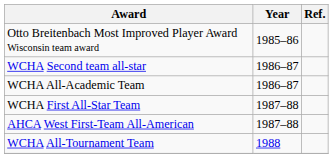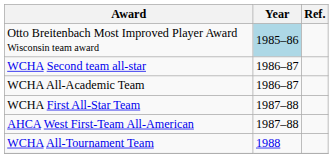 <table class="wikitable">
 <tr>
 <th scope="col" style="width:20em">Award</th>
 <th scope="col">Year</th>
 <th scope="col">Ref.</th>
 </tr>
 <tr>
 <td>Otto Breitenbach Most Improved Player Award<br><small>Wisconsin team award</small></td>
-<td>1985–86</td>
+<td style="background: lightblue;">1985–86</td>
 <td></td>
 </tr>
 <tr>
 <td><a href='#'>WCHA</a> <a href='#'>Second team all-star</a></td>
 <td>1986–87</td>
 <td></td>
 </tr>
 <tr>
 <td>WCHA All-Academic Team</td>
 <td>1986–87</td>
 <td></td>
 </tr>
 <tr>
 <td>WCHA <a href='#'>First All-Star Team</a></td>
 <td>1987–88</td>
 <td></td>
 </tr>
 <tr>
 <td><a href='#'>AHCA</a> <a href='#'>West First-Team All-American</a></td>
 <td>1987–88</td>
 <td></td>
 </tr>
 <tr>
 <td><a href='#'>WCHA</a> <a href='#'>All-Tournament Team</a></td>
 <td><a href='#'>1988</a></td>
 <td></td>
 </tr>
 <tr>
 </tr>
 </table>
